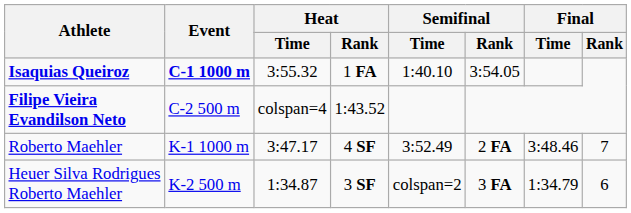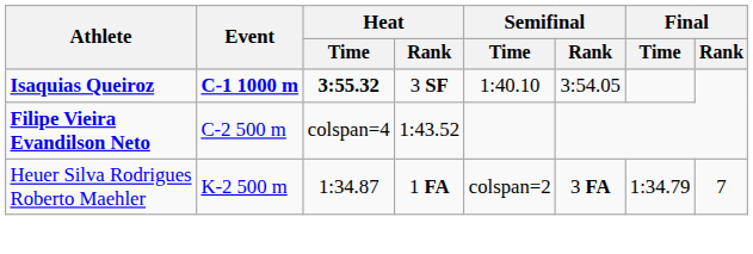 <table class=wikitable style=font-size:90%;text-align:center>
 <tr>
 <th rowspan=2>Athlete</th>
 <th rowspan=2>Event</th>
 <th colspan=2>Heat</th>
 <th colspan=2>Semifinal</th>
 <th colspan=2>Final</th>
 </tr>
 <tr style=font-size:95%>
 <th>Time</th>
 <th>Rank</th>
 <th>Time</th>
 <th>Rank</th>
 <th>Time</th>
 <th>Rank</th>
 </tr>
 <tr>
 <td align=left><strong><a href='#'>Isaquias Queiroz</a></strong></td>
 <td align=left><strong><a href='#'>C-1 1000 m</a></strong></td>
-<td>3:55.32</td>
-<td>1 <strong>FA</strong></td>
+<td><strong>3:55.32</strong></td>
+<td>3 <strong>SF</strong></td>
 <td>1:40.10</td>
 <td>3:54.05</td>
 <td></td>
 </tr>
 <tr>
 <td align=left><strong><a href='#'>Filipe Vieira</a><br><a href='#'>Evandilson Neto</a></strong></td>
 <td align=left><a href='#'>C-2 500 m</a></td>
 <td>colspan=4 </td>
 <td>1:43.52</td>
 <td></td>
 </tr>
 <tr>
-<td align=left><a href='#'>Roberto Maehler</a></td>
-<td align=left><a href='#'>K-1 1000 m</a></td>
-<td>3:47.17</td>
-<td>4 <strong>SF</strong></td>
-<td>3:52.49</td>
-<td>2 <strong>FA</strong></td>
-<td>3:48.46</td>
-<td>7</td>
-</tr>
-<tr>
 <td align=left><a href='#'>Heuer Silva Rodrigues</a><br><a href='#'>Roberto Maehler</a></td>
 <td align=left><a href='#'>K-2 500 m</a></td>
 <td>1:34.87</td>
-<td>3 <strong>SF</strong></td>
+<td>1 <strong>FA</strong></td>
 <td>colspan=2 </td>
 <td>3 <strong>FA</strong></td>
 <td>1:34.79</td>
-<td>6</td>
+<td>7</td>
 </tr>
 </table>
